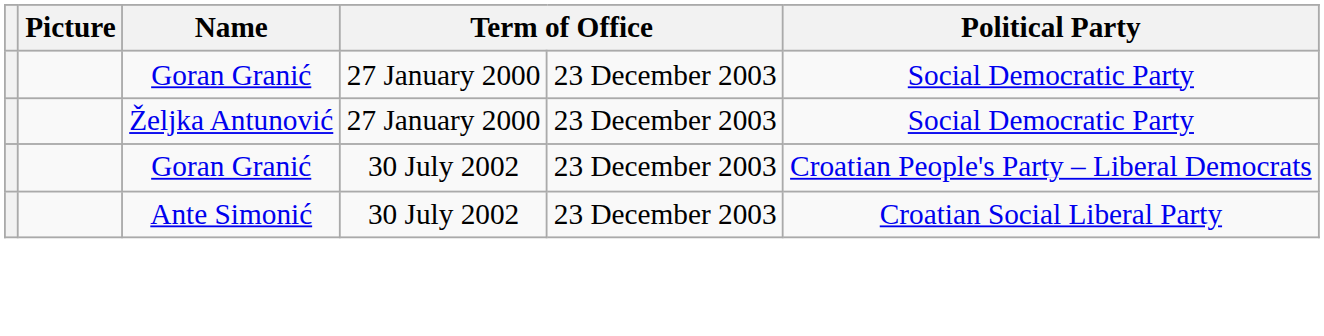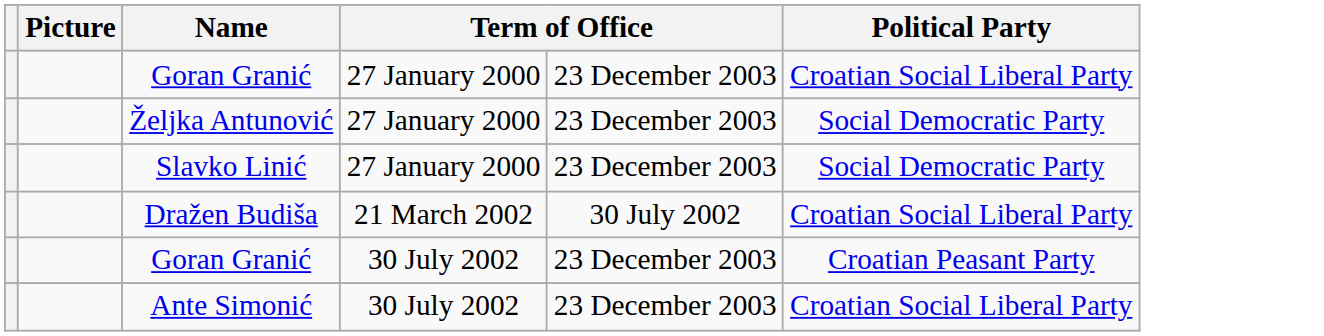 <table class="wikitable" style="text-align:center">
 <tr>
 <th></th>
 <th>Picture</th>
 <th>Name<br></th>
 <th colspan="2">Term of Office</th>
 <th>Political Party</th>
 </tr>
 <tr>
 <th style="background:"></th>
 <td></td>
 <td><a href='#'>Goran Granić</a><br></td>
 <td>27 January 2000</td>
 <td>23 December 2003</td>
-<td><a href='#'>Social Democratic Party</a></td>
+<td><a href='#'>Croatian Social Liberal Party</a></td>
 </tr>
 <tr>
 <th style="background:"></th>
 <td></td>
 <td><a href='#'>Željka Antunović</a><br></td>
 <td>27 January 2000</td>
 <td>23 December 2003</td>
 <td><a href='#'>Social Democratic Party</a></td>
 </tr>
 <tr>
 <th style="background:"></th>
 <td></td>
+<td><a href='#'>Slavko Linić</a><br></td>
+<td>27 January 2000</td>
+<td>23 December 2003</td>
+<td><a href='#'>Social Democratic Party</a></td>
+</tr>
+<tr>
+<th style="background:"></th>
+<td></td>
+<td><a href='#'>Dražen Budiša</a><br></td>
+<td>21 March 2002</td>
+<td>30 July 2002</td>
+<td><a href='#'>Croatian Social Liberal Party</a></td>
+</tr>
+<tr>
+<th style="background:"></th>
+<td></td>
 <td><a href='#'>Goran Granić</a><br></td>
 <td>30 July 2002</td>
 <td>23 December 2003</td>
-<td><a href='#'>Croatian People's Party – Liberal Democrats</a></td>
+<td><a href='#'>Croatian Peasant Party</a></td>
 </tr>
 <tr>
 <th style="background:"></th>
 <td></td>
 <td><a href='#'>Ante Simonić</a><br></td>
 <td>30 July 2002</td>
 <td>23 December 2003</td>
 <td><a href='#'>Croatian Social Liberal Party</a></td>
 </tr>
 </table>
